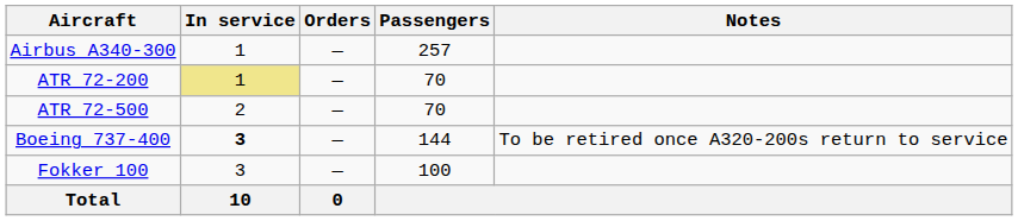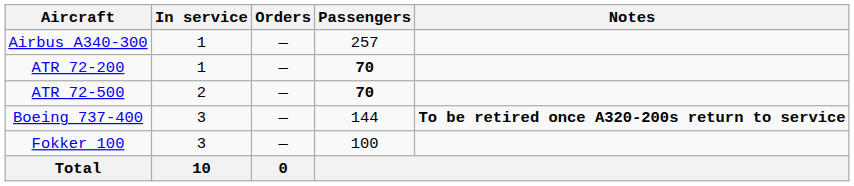 <table class="wikitable" style="margin:1em auto; text-align:center;">
 <tr>
 <th>Aircraft</th>
 <th>In service</th>
 <th>Orders</th>
 <th>Passengers</th>
 <th>Notes</th>
 </tr>
 <tr>
 <td><a href='#'>Airbus A340-300</a></td>
 <td>1</td>
 <td>—</td>
 <td>257</td>
 <td></td>
 </tr>
 <tr>
 <td><a href='#'>ATR 72-200</a></td>
-<td style="background: khaki;">1</td>
+<td>1</td>
 <td>—</td>
-<td>70</td>
+<td><strong>70</strong></td>
 <td></td>
 </tr>
 <tr>
 <td><a href='#'>ATR 72-500</a></td>
 <td>2</td>
 <td>—</td>
-<td>70</td>
+<td><strong>70</strong></td>
 <td></td>
 </tr>
 <tr>
 <td><a href='#'>Boeing 737-400</a></td>
-<td><strong>3</strong></td>
+<td>3</td>
 <td>—</td>
 <td>144</td>
-<td>To be retired once A320-200s return to service</td>
+<td><strong>To be retired once A320-200s return to service</strong></td>
 </tr>
 <tr>
 <td><a href='#'>Fokker 100</a></td>
 <td>3</td>
 <td>—</td>
 <td>100</td>
 <td></td>
 </tr>
 <tr>
 <th>Total</th>
 <th>10</th>
 <th>0</th>
 <th colspan=2></th>
 </tr>
 </table>
